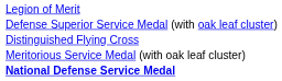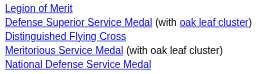 <table>
 <tr>
 <td> <a href='#'>Legion of Merit</a></td>
 </tr>
 <tr>
 <td> <a href='#'>Defense Superior Service Medal</a> (with <a href='#'>oak leaf cluster</a>)</td>
 </tr>
 <tr>
 <td> <a href='#'>Distinguished Flying Cross</a></td>
 </tr>
 <tr>
 <td> <a href='#'>Meritorious Service Medal</a> (with oak leaf cluster)</td>
 </tr>
 <tr>
-<td><strong> <a href='#'>National Defense Service Medal</a></strong></td>
+<td> <a href='#'>National Defense Service Medal</a></td>
 </tr>
 </table>
